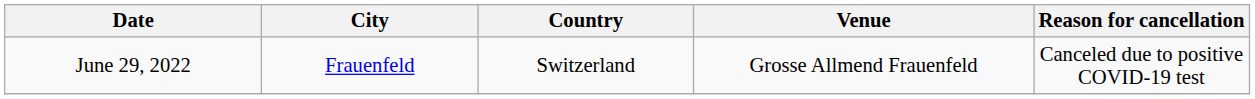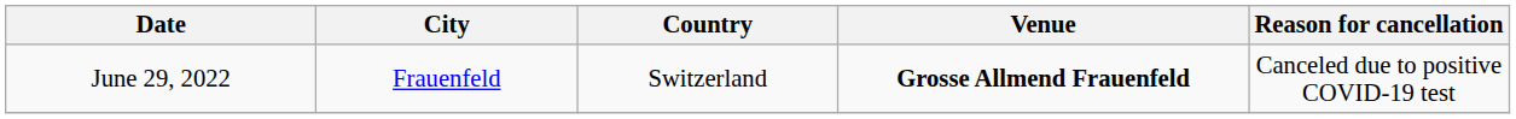 <table class="wikitable" style="text-align:center;">
 <tr>
 <th scope="col" style="width:12em;">Date</th>
 <th scope="col" style="width:10em;">City</th>
 <th scope="col" style="width:10em;">Country</th>
 <th scope="col" style="width:16em;">Venue</th>
 <th scope="col" style="width:10em;">Reason for cancellation</th>
 </tr>
 <tr>
 <td>June 29, 2022</td>
 <td><a href='#'>Frauenfeld</a></td>
 <td>Switzerland</td>
-<td>Grosse Allmend Frauenfeld</td>
+<td><strong>Grosse Allmend Frauenfeld</strong></td>
 <td>Canceled due to positive COVID-19 test</td>
 </tr>
 <tr>
 </tr>
 </table>
